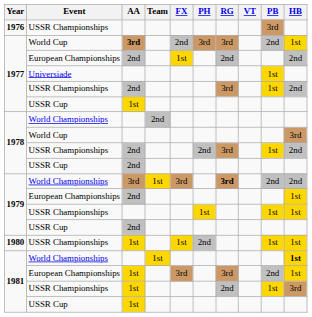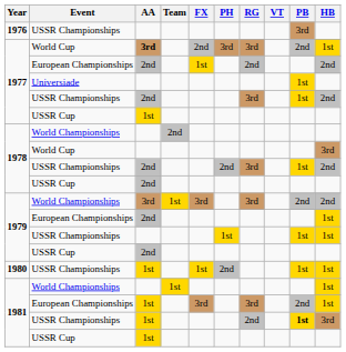 <table class="wikitable" style="text-align:center; font-size: 75%;">
 <tr>
 <th>Year</th>
 <th>Event</th>
 <th width=25px>AA</th>
 <th width=25px>Team</th>
 <th width=25px><a href='#'>FX</a></th>
 <th width=25px><a href='#'>PH</a></th>
 <th width=25px><a href='#'>RG</a></th>
 <th width=25px><a href='#'>VT</a></th>
 <th width=25px><a href='#'>PB</a></th>
 <th width=25px><a href='#'>HB</a></th>
 </tr>
 <tr>
 <td rowspan="1"><strong>1976</strong></td>
 <td align=left>USSR Championships</td>
 <td></td>
 <td></td>
 <td></td>
 <td></td>
 <td></td>
 <td></td>
 <td bgcolor=CC9966>3rd</td>
 <td></td>
 </tr>
 <tr>
 <td rowspan="5"><strong>1977</strong></td>
 <td align=left>World Cup</td>
 <td bgcolor=CC9966><strong>3rd</strong></td>
 <td></td>
 <td bgcolor=silver>2nd</td>
 <td bgcolor=CC9966>3rd</td>
 <td bgcolor=CC9966>3rd</td>
 <td></td>
 <td bgcolor=silver>2nd</td>
 <td bgcolor=gold>1st</td>
 </tr>
 <tr>
 <td align=left>European Championships</td>
 <td bgcolor=silver>2nd</td>
 <td></td>
 <td bgcolor=gold>1st</td>
 <td></td>
 <td bgcolor=silver>2nd</td>
 <td></td>
 <td></td>
 <td bgcolor=silver>2nd</td>
 </tr>
 <tr>
 <td align=left><a href='#'>Universiade</a></td>
 <td></td>
 <td></td>
 <td></td>
 <td></td>
 <td></td>
 <td></td>
 <td bgcolor=gold>1st</td>
 <td></td>
 </tr>
 <tr>
 <td align=left>USSR Championships</td>
 <td bgcolor=silver>2nd</td>
 <td></td>
 <td></td>
 <td></td>
 <td bgcolor=CC9966>3rd</td>
 <td></td>
 <td bgcolor=gold>1st</td>
 <td bgcolor=silver>2nd</td>
 </tr>
 <tr>
 <td align=left>USSR Cup</td>
 <td bgcolor=gold>1st</td>
 <td></td>
 <td></td>
 <td></td>
 <td></td>
 <td></td>
 <td></td>
 <td></td>
 </tr>
 <tr>
 <td rowspan="4"><strong>1978</strong></td>
 <td align=left><a href='#'>World Championships</a></td>
 <td></td>
 <td bgcolor=silver>2nd</td>
 <td></td>
 <td></td>
 <td></td>
 <td></td>
 <td></td>
 <td></td>
 </tr>
 <tr>
 <td align=left>World Cup</td>
 <td></td>
 <td></td>
 <td></td>
 <td></td>
 <td></td>
 <td></td>
 <td></td>
 <td bgcolor=CC9966>3rd</td>
 </tr>
 <tr>
 <td align=left>USSR Championships</td>
 <td bgcolor=silver>2nd</td>
 <td></td>
 <td></td>
 <td bgcolor=silver>2nd</td>
 <td bgcolor=CC9966>3rd</td>
 <td></td>
 <td bgcolor=gold>1st</td>
 <td bgcolor=silver>2nd</td>
 </tr>
 <tr>
 <td align=left>USSR Cup</td>
 <td bgcolor=silver>2nd</td>
 <td></td>
 <td></td>
 <td></td>
 <td></td>
 <td></td>
 <td></td>
 <td></td>
 </tr>
 <tr>
 <td rowspan="4"><strong>1979</strong></td>
 <td align=left><a href='#'>World Championships</a></td>
 <td bgcolor=CC9966>3rd</td>
 <td bgcolor=gold>1st</td>
 <td bgcolor=CC9966>3rd</td>
 <td></td>
-<td bgcolor=CC9966><strong>3rd</strong></td>
+<td bgcolor=CC9966>3rd</td>
 <td></td>
 <td bgcolor=silver>2nd</td>
 <td bgcolor=silver>2nd</td>
 </tr>
 <tr>
 <td align=left>European Championships</td>
 <td bgcolor=silver>2nd</td>
 <td></td>
 <td></td>
 <td></td>
 <td></td>
 <td></td>
 <td></td>
 <td bgcolor=gold>1st</td>
 </tr>
 <tr>
 <td align=left>USSR Championships</td>
 <td></td>
 <td></td>
 <td></td>
 <td bgcolor=gold>1st</td>
 <td></td>
 <td></td>
 <td bgcolor=gold>1st</td>
 <td bgcolor=gold>1st</td>
 </tr>
 <tr>
 <td align=left>USSR Cup</td>
 <td bgcolor=silver>2nd</td>
 <td></td>
 <td></td>
 <td></td>
 <td></td>
 <td></td>
 <td></td>
 <td></td>
 </tr>
 <tr>
 <td rowspan="1"><strong>1980</strong></td>
 <td align=left>USSR Championships</td>
 <td bgcolor=gold>1st</td>
 <td></td>
 <td bgcolor=gold>1st</td>
 <td bgcolor=silver>2nd</td>
 <td></td>
 <td></td>
 <td bgcolor=gold>1st</td>
 <td bgcolor=gold>1st</td>
 </tr>
 <tr>
 <td rowspan="4"><strong>1981</strong></td>
 <td align=left><a href='#'>World Championships</a></td>
 <td></td>
 <td bgcolor=gold>1st</td>
 <td></td>
 <td></td>
 <td></td>
 <td></td>
 <td></td>
-<td bgcolor=gold><strong>1st</strong></td>
+<td bgcolor=gold>1st</td>
 </tr>
 <tr>
 <td align=left>European Championships</td>
 <td bgcolor=gold>1st</td>
 <td></td>
 <td bgcolor=CC9966>3rd</td>
 <td></td>
 <td bgcolor=CC9966>3rd</td>
 <td></td>
 <td bgcolor=silver>2nd</td>
 <td bgcolor=gold>1st</td>
 </tr>
 <tr>
 <td align=left>USSR Championships</td>
 <td bgcolor=gold>1st</td>
 <td></td>
 <td></td>
 <td></td>
 <td bgcolor=silver>2nd</td>
 <td></td>
-<td bgcolor=gold>1st</td>
+<td bgcolor=gold><strong>1st</strong></td>
 <td bgcolor=CC9966>3rd</td>
 </tr>
 <tr>
 <td align=left>USSR Cup</td>
 <td bgcolor=gold>1st</td>
 <td></td>
 <td></td>
 <td></td>
 <td></td>
 <td></td>
 <td></td>
 <td></td>
 </tr>
 </table>
